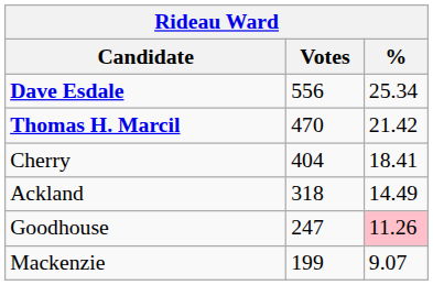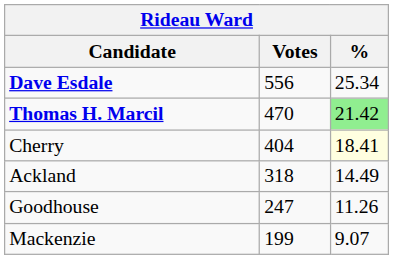 <table class="wikitable">
 <tr>
 <th colspan="3"><a href='#'>Rideau Ward</a></th>
 </tr>
 <tr>
 <th style="width: 200px">Candidate</th>
 <th style="width: 50px">Votes</th>
 <th style="width: 40px">%</th>
 </tr>
 <tr>
 <td><strong><a href='#'>Dave Esdale</a></strong></td>
 <td>556</td>
 <td>25.34</td>
 </tr>
 <tr>
 <td><strong><a href='#'>Thomas H. Marcil</a></strong></td>
 <td>470</td>
-<td>21.42</td>
+<td style="background: lightgreen;">21.42</td>
 </tr>
 <tr>
 <td>Cherry</td>
 <td>404</td>
-<td>18.41</td>
+<td style="background: lightyellow;">18.41</td>
 </tr>
 <tr>
 <td>Ackland</td>
 <td>318</td>
 <td>14.49</td>
 </tr>
 <tr>
 <td>Goodhouse</td>
 <td>247</td>
-<td style="background: pink;">11.26</td>
+<td>11.26</td>
 </tr>
 <tr>
 <td>Mackenzie</td>
 <td>199</td>
 <td>9.07</td>
 </tr>
 </table>
